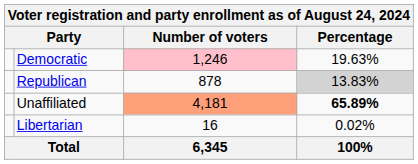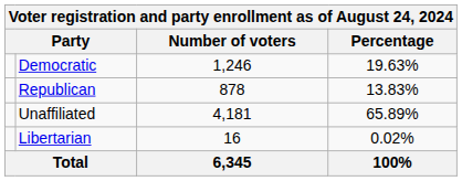 <table class=wikitable>
 <tr>
 <th colspan = 6>Voter registration and party enrollment as of August 24, 2024</th>
 </tr>
 <tr>
 <th colspan = 2>Party</th>
 <th>Number of voters</th>
 <th>Percentage</th>
 </tr>
 <tr>
 <td></td>
 <td><a href='#'>Democratic</a></td>
-<td style="background: pink; text-align:center;">1,246</td>
+<td style="text-align:center;">1,246</td>
 <td style="text-align:center;">19.63%</td>
 </tr>
 <tr>
 <td></td>
 <td><a href='#'>Republican</a></td>
 <td style="text-align:center;">878</td>
-<td style="background: lightgrey; text-align:center;">13.83%</td>
+<td style="text-align:center;">13.83%</td>
 </tr>
 <tr>
 <td></td>
 <td>Unaffiliated</td>
-<td style="background: lightsalmon; text-align:center;">4,181</td>
-<td style="text-align:center;"><strong>65.89%</strong></td>
+<td style="text-align:center;">4,181</td>
+<td style="text-align:center;">65.89%</td>
 </tr>
 <tr>
 <td></td>
 <td><a href='#'>Libertarian</a></td>
 <td style="text-align:center;">16</td>
 <td style="text-align:center;">0.02%</td>
 </tr>
 <tr>
 <th colspan = 2>Total</th>
 <th style="text-align:center;">6,345</th>
 <th style="text-align:center;">100%</th>
 </tr>
 </table>
